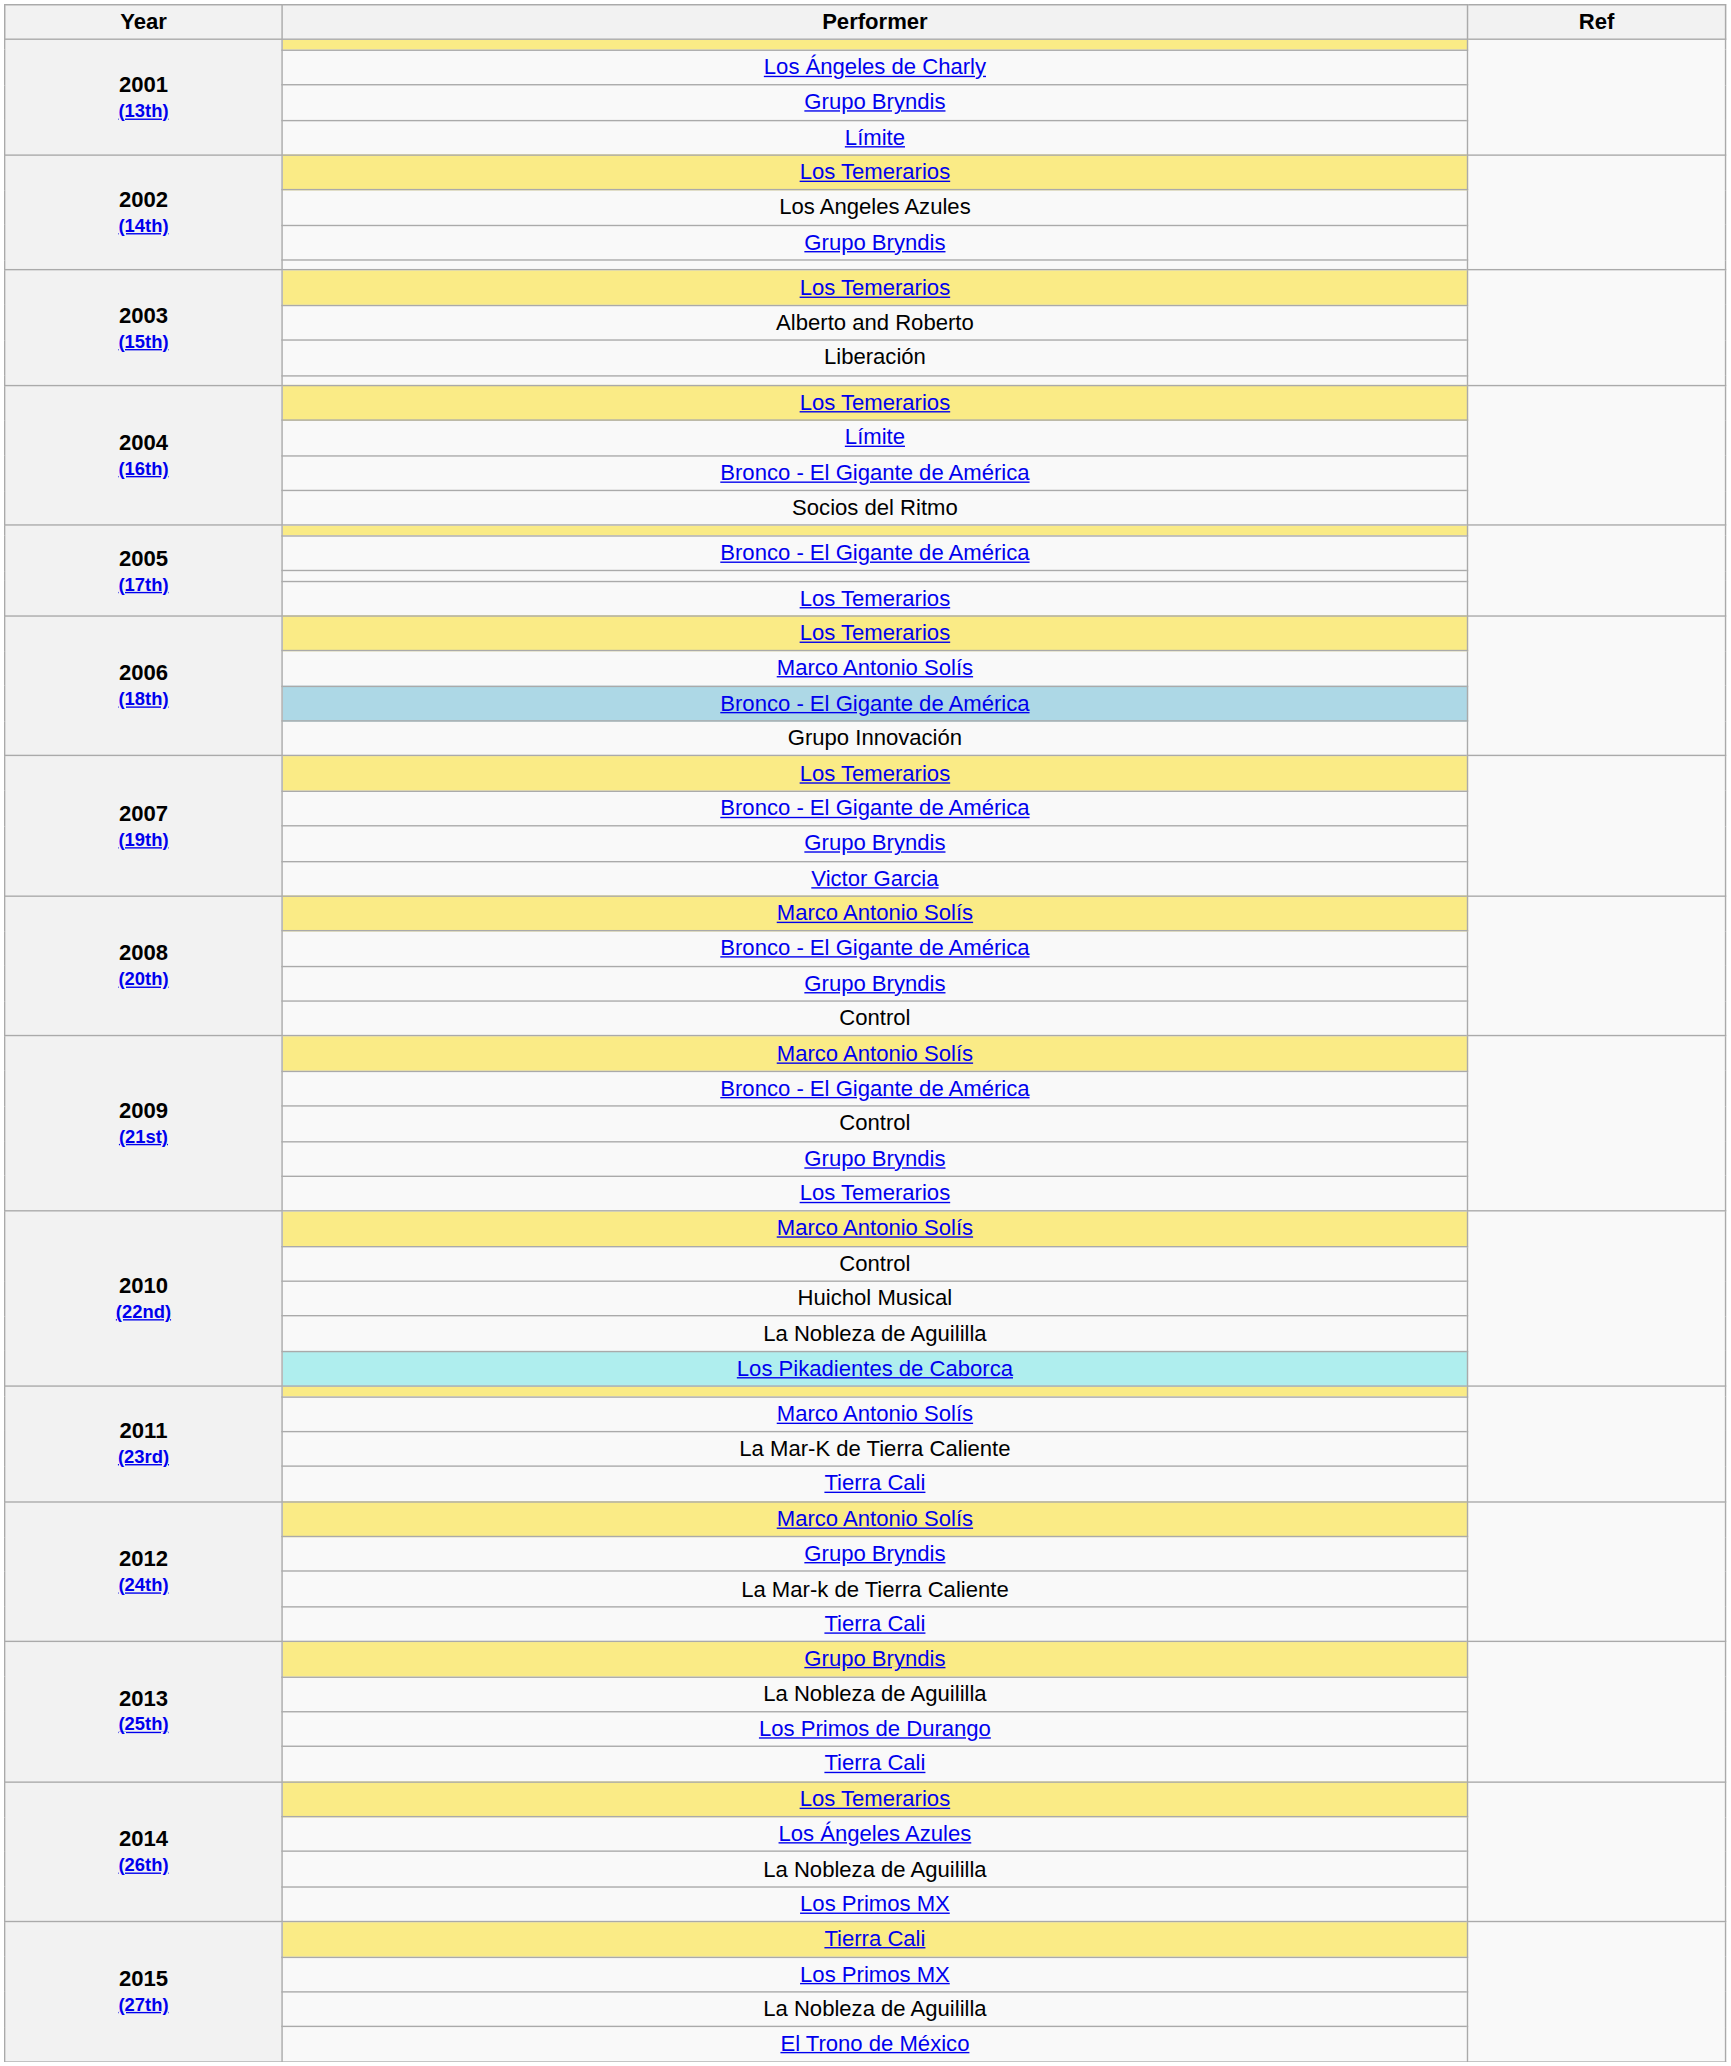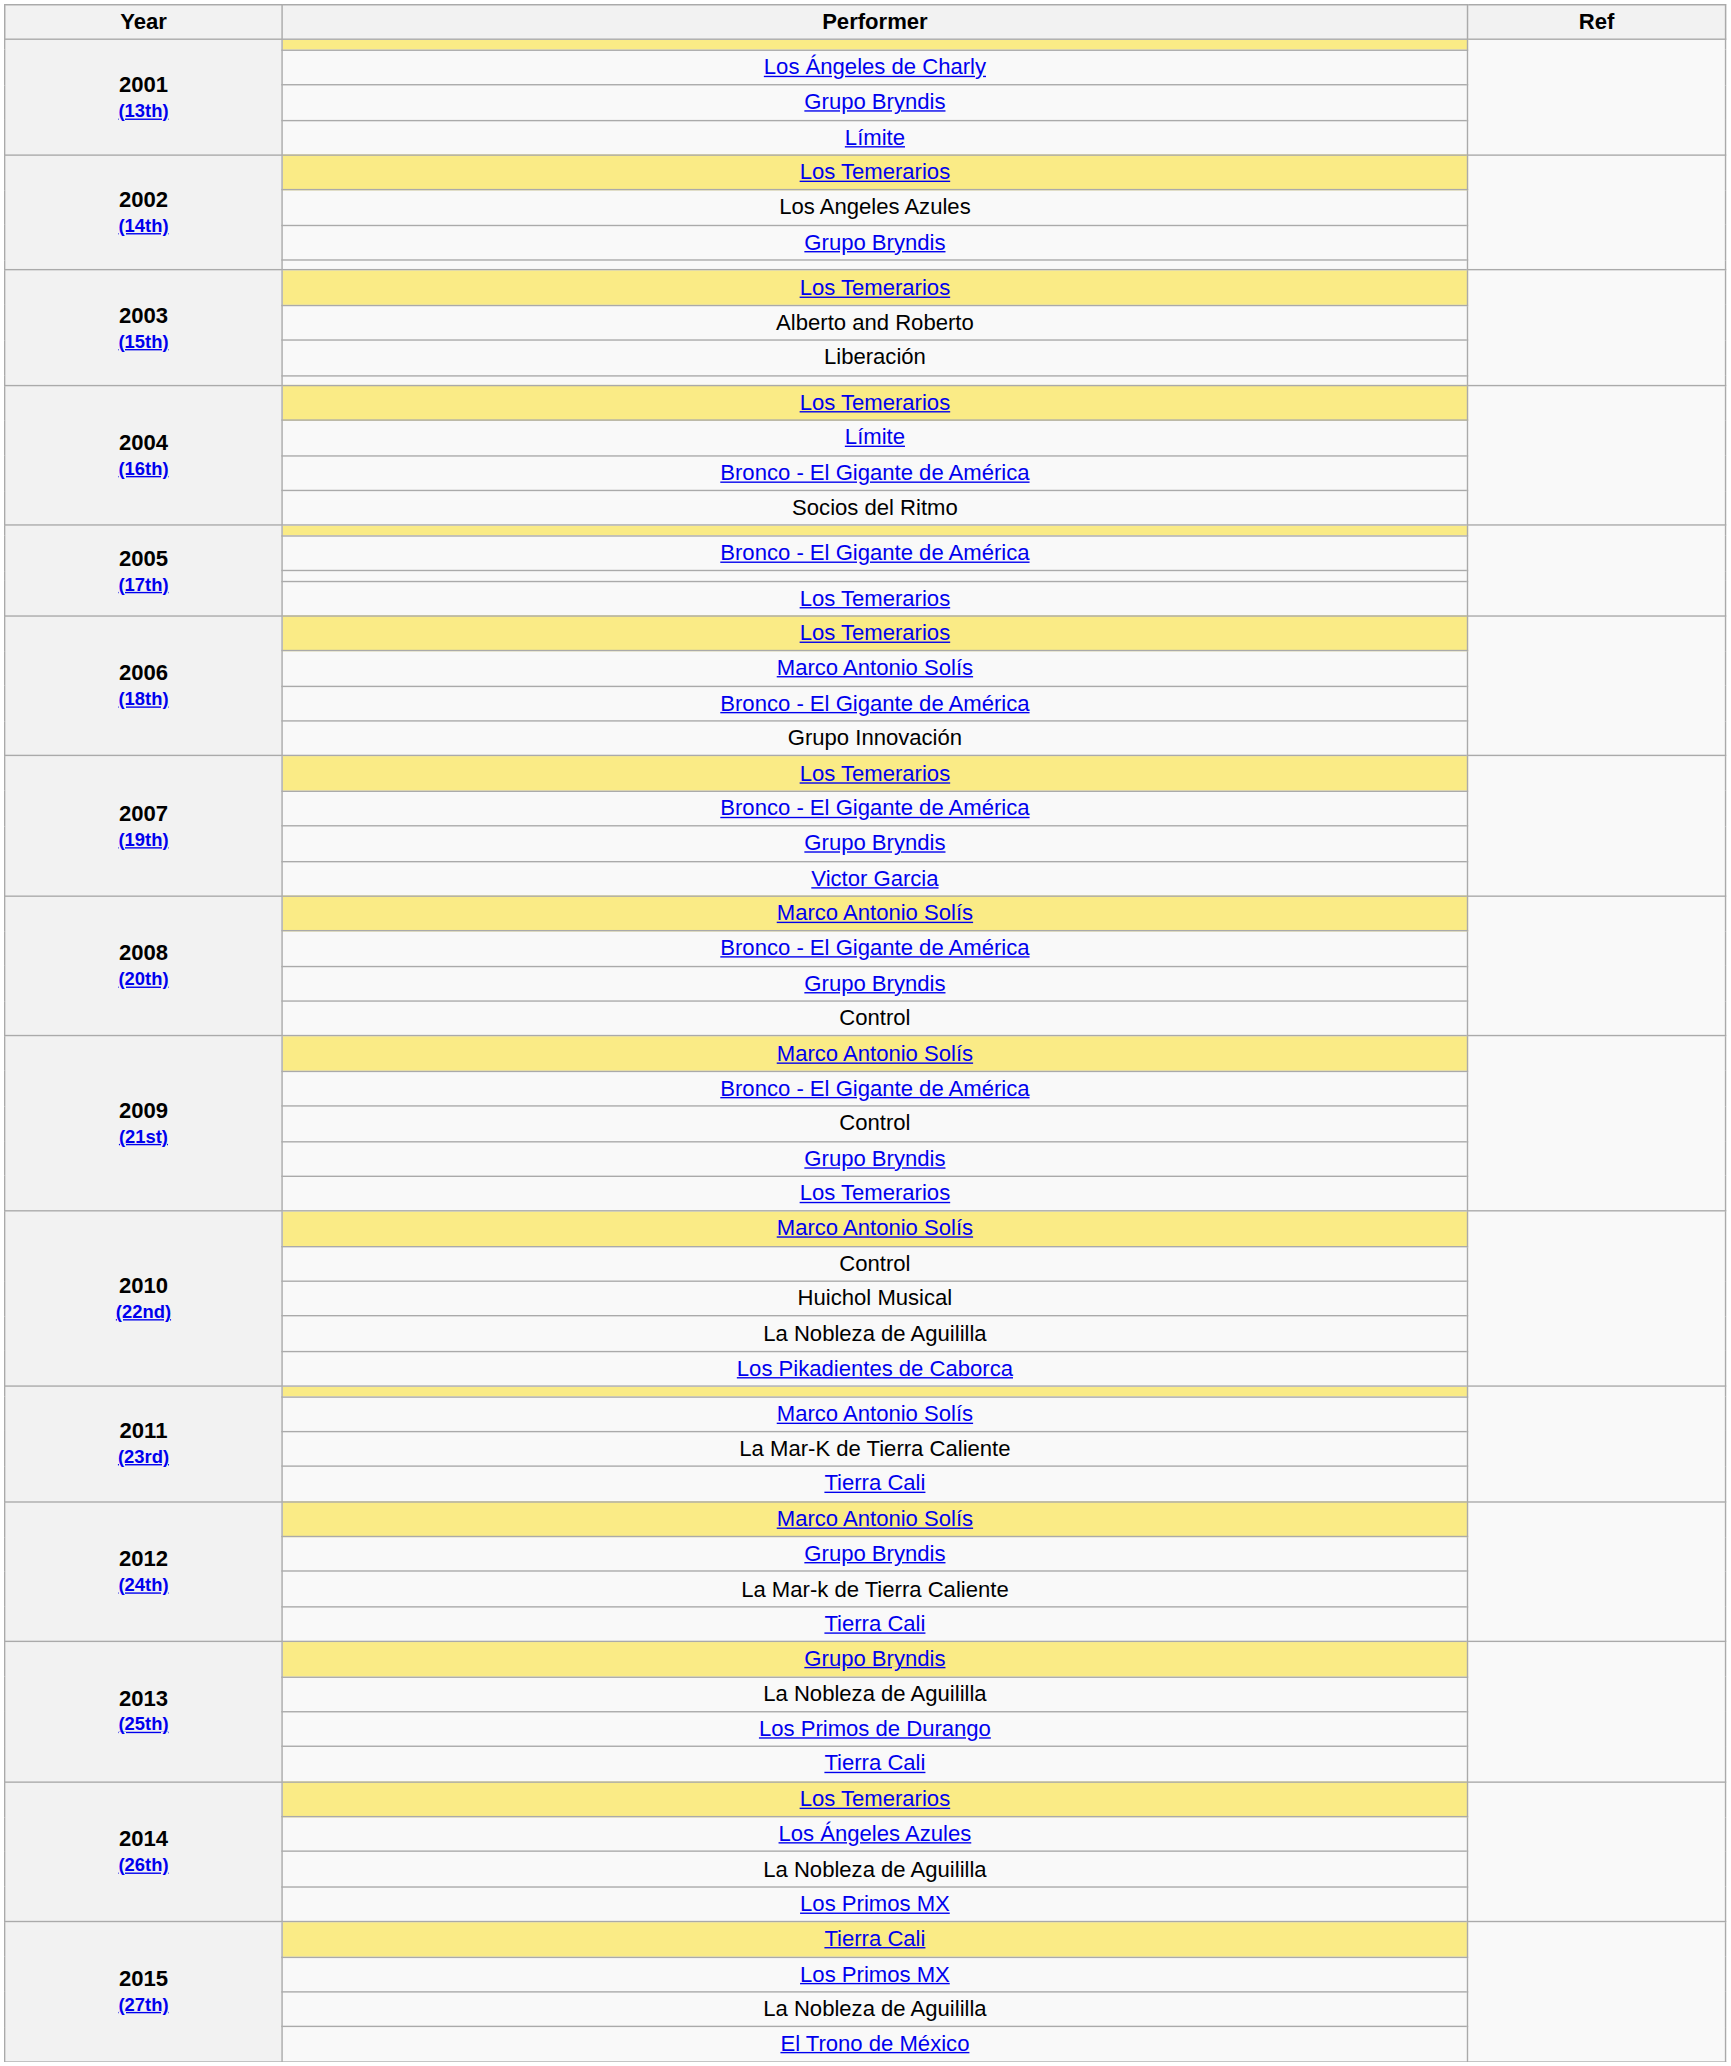 <table class="wikitable sortable">
 <tr style="background:#bebebe;">
 <th scope="col" style="width:1%;">Year</th>
 <th scope="col" style="width:5%;">Performer</th>
 <th scope="col" style="width:1%;" class="unsortable">Ref</th>
 </tr>
 <tr>
 <th scope="row"  rowspan=4 style="text-align:center">2001 <br><small><a href='#'>(13th)</a></small></th>
 <td style="background:#FAEB86; text-align:center;"></td>
 <td rowspan=4 style="text-align:center;"></td>
 </tr>
 <tr>
 <td style="text-align:center;"><a href='#'>Los Ángeles de Charly</a></td>
 </tr>
 <tr>
 <td style="text-align:center;"><a href='#'>Grupo Bryndis</a></td>
 </tr>
 <tr>
 <td style="text-align:center;"><a href='#'>Límite</a></td>
 </tr>
 <tr>
 <th scope="row" rowspan=4 style="text-align:center">2002 <br><small><a href='#'>(14th)</a></small></th>
 <td style="background:#FAEB86; text-align:center;"><a href='#'>Los Temerarios</a></td>
 <td rowspan=4 style="text-align:center;"></td>
 </tr>
 <tr>
 <td style="text-align:center;">Los Angeles Azules</td>
 </tr>
 <tr>
 <td style="text-align:center;"><a href='#'>Grupo Bryndis</a></td>
 </tr>
 <tr>
 <td style="text-align:center;"></td>
 </tr>
 <tr>
 <th scope="row" rowspan=4 style="text-align:center">2003 <br><small><a href='#'>(15th)</a></small></th>
 <td style="background:#FAEB86; text-align:center;"><a href='#'>Los Temerarios</a></td>
 <td rowspan=4 style="text-align:center;"></td>
 </tr>
 <tr>
 <td style="text-align:center;">Alberto and Roberto</td>
 </tr>
 <tr>
 <td style="text-align:center;">Liberación</td>
 </tr>
 <tr>
 <td style="text-align:center;"></td>
 </tr>
 <tr>
 <th scope="row" rowspan=4 style="text-align:center">2004 <br><small><a href='#'>(16th)</a></small></th>
 <td style="background:#FAEB86; text-align:center;"><a href='#'>Los Temerarios</a></td>
 <td rowspan=4 style="text-align:center;"></td>
 </tr>
 <tr>
 <td style="text-align:center;"><a href='#'>Límite</a></td>
 </tr>
 <tr>
 <td style="text-align:center;"><a href='#'>Bronco - El Gigante de América</a></td>
 </tr>
 <tr>
 <td style="text-align:center;">Socios del Ritmo</td>
 </tr>
 <tr>
 <th scope="row" rowspan=4 style="text-align:center">2005 <br><small><a href='#'>(17th)</a></small></th>
 <td style="background:#FAEB86; text-align:center;"></td>
 <td rowspan=4 style="text-align:center;"></td>
 </tr>
 <tr>
 <td style="text-align:center;"><a href='#'>Bronco - El Gigante de América</a></td>
 </tr>
 <tr>
 <td style="text-align:center;"></td>
 </tr>
 <tr>
 <td style="text-align:center;"><a href='#'>Los Temerarios</a></td>
 </tr>
 <tr>
 <th scope="row" rowspan=4 style="text-align:center">2006 <br><small><a href='#'>(18th)</a></small></th>
 <td style="background:#FAEB86; text-align:center;"><a href='#'>Los Temerarios</a></td>
 <td rowspan=4 style="text-align:center;"></td>
 </tr>
 <tr>
 <td style="text-align:center;"><a href='#'>Marco Antonio Solís</a></td>
 </tr>
 <tr>
-<td style="background: lightblue; text-align:center;"><a href='#'>Bronco - El Gigante de América</a></td>
+<td style="text-align:center;"><a href='#'>Bronco - El Gigante de América</a></td>
 </tr>
 <tr>
 <td style="text-align:center;">Grupo Innovación</td>
 </tr>
 <tr>
 <th scope="row" rowspan=4 style="text-align:center">2007 <br><small><a href='#'>(19th)</a></small></th>
 <td style="background:#FAEB86; text-align:center;"><a href='#'>Los Temerarios</a></td>
 <td rowspan=4 style="text-align:center;"></td>
 </tr>
 <tr>
 <td style="text-align:center;"><a href='#'>Bronco - El Gigante de América</a></td>
 </tr>
 <tr>
 <td style="text-align:center;"><a href='#'>Grupo Bryndis</a></td>
 </tr>
 <tr>
 <td style="text-align:center;"><a href='#'>Victor Garcia</a></td>
 </tr>
 <tr>
 <th scope="row" rowspan=4 style="text-align:center">2008 <br><small><a href='#'>(20th)</a></small></th>
 <td style="background:#FAEB86; text-align:center;"><a href='#'>Marco Antonio Solís</a></td>
 <td rowspan=4 style="text-align:center;"></td>
 </tr>
 <tr>
 <td style="text-align:center;"><a href='#'>Bronco - El Gigante de América</a></td>
 </tr>
 <tr>
 <td style="text-align:center;"><a href='#'>Grupo Bryndis</a></td>
 </tr>
 <tr>
 <td style="text-align:center;">Control</td>
 </tr>
 <tr>
 <th scope="row" rowspan=5 style="text-align:center">2009 <br><small><a href='#'>(21st)</a></small></th>
 <td style="background:#FAEB86; text-align:center;"><a href='#'>Marco Antonio Solís</a></td>
 <td rowspan=5 style="text-align:center;"></td>
 </tr>
 <tr>
 <td style="text-align:center;"><a href='#'>Bronco - El Gigante de América</a></td>
 </tr>
 <tr>
 <td style="text-align:center;">Control</td>
 </tr>
 <tr>
 <td style="text-align:center;"><a href='#'>Grupo Bryndis</a></td>
 </tr>
 <tr>
 <td style="text-align:center;"><a href='#'>Los Temerarios</a></td>
 </tr>
 <tr>
 <th scope="row" rowspan=5 style="text-align:center">2010 <br><small><a href='#'>(22nd)</a></small></th>
 <td style="background:#FAEB86; text-align:center;"><a href='#'>Marco Antonio Solís</a></td>
 <td rowspan=5 style="text-align:center;"></td>
 </tr>
 <tr>
 <td style="text-align:center;">Control</td>
 </tr>
 <tr>
 <td style="text-align:center;">Huichol Musical</td>
 </tr>
 <tr>
 <td style="text-align:center;">La Nobleza de Aguililla</td>
 </tr>
 <tr>
-<td style="background: paleturquoise; text-align:center;"><a href='#'>Los Pikadientes de Caborca</a></td>
+<td style="text-align:center;"><a href='#'>Los Pikadientes de Caborca</a></td>
 </tr>
 <tr>
 <th scope="row" rowspan=4 style="text-align:center">2011 <br><small><a href='#'>(23rd)</a></small></th>
 <td style="background:#FAEB86; text-align:center;"></td>
 <td rowspan=4 style="text-align:center;"></td>
 </tr>
 <tr>
 <td style="text-align:center;"><a href='#'>Marco Antonio Solís</a></td>
 </tr>
 <tr>
 <td style="text-align:center;">La Mar-K de Tierra Caliente</td>
 </tr>
 <tr>
 <td style="text-align:center;"><a href='#'>Tierra Cali</a></td>
 </tr>
 <tr>
 <th scope="row" rowspan=4 style="text-align:center">2012 <br><small><a href='#'>(24th)</a></small></th>
 <td style="background:#FAEB86; text-align:center;"><a href='#'>Marco Antonio Solís</a></td>
 <td rowspan=4 style="text-align:center;"></td>
 </tr>
 <tr>
 <td style="text-align:center;"><a href='#'>Grupo Bryndis</a></td>
 </tr>
 <tr>
 <td style="text-align:center;">La Mar-k de Tierra Caliente</td>
 </tr>
 <tr>
 <td style="text-align:center;"><a href='#'>Tierra Cali</a></td>
 </tr>
 <tr>
 <th scope="row" rowspan=4 style="text-align:center">2013 <br><small><a href='#'>(25th)</a></small></th>
 <td style="background:#FAEB86; text-align:center;"><a href='#'>Grupo Bryndis</a></td>
 <td rowspan=4 style="text-align:center;"></td>
 </tr>
 <tr>
 <td style="text-align:center;">La Nobleza de Aguililla</td>
 </tr>
 <tr>
 <td style="text-align:center;"><a href='#'>Los Primos de Durango</a></td>
 </tr>
 <tr>
 <td style="text-align:center;"><a href='#'>Tierra Cali</a></td>
 </tr>
 <tr>
 <th scope="row" rowspan=4 style="text-align:center">2014 <br><small><a href='#'>(26th)</a></small></th>
 <td style="background:#FAEB86; text-align:center;"><a href='#'>Los Temerarios</a></td>
 <td rowspan=4 style="text-align:center;"></td>
 </tr>
 <tr>
 <td style="text-align:center;"><a href='#'>Los Ángeles Azules</a></td>
 </tr>
 <tr>
 <td style="text-align:center;">La Nobleza de Aguililla</td>
 </tr>
 <tr>
 <td style="text-align:center;"><a href='#'>Los Primos MX</a></td>
 </tr>
 <tr>
 <th scope="row" rowspan=4 style="text-align:center">2015 <br><small><a href='#'>(27th)</a></small></th>
 <td style="background:#FAEB86; text-align:center;"><a href='#'>Tierra Cali</a></td>
 <td rowspan=4 style="text-align:center;"></td>
 </tr>
 <tr>
 <td style="text-align:center;"><a href='#'>Los Primos MX</a></td>
 </tr>
 <tr>
 <td style="text-align:center;">La Nobleza de Aguililla</td>
 </tr>
 <tr>
 <td style="text-align:center;"><a href='#'>El Trono de México</a></td>
 </tr>
 <tr>
 </tr>
 </table>
